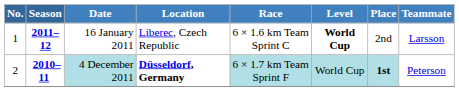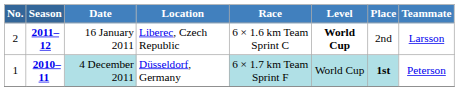 <table class="wikitable sortable" style="font-size:95%; text-align:center; border:grey solid 1px; border-collapse:collapse; background:#ffffff;">
 <tr style="background:#efefef;">
 <th style="background-color:#369; color:white;">No.</th>
 <th style="background-color:#369; color:white;">Season</th>
 <th style="background-color:#4180be; color:white; width:120px;">Date</th>
 <th style="background-color:#4180be; color:white; width:170px;">Location</th>
 <th style="background-color:#4180be; color:white; width:170px;">Race</th>
 <th style="background-color:#4180be; color:white; width:100px;">Level</th>
 <th style="background-color:#4180be; color:white;">Place</th>
 <th style="background-color:#4180be; color:white;">Teammate</th>
 </tr>
 <tr>
-<td align=center>1</td>
+<td align=center>2</td>
 <td rowspan=1 align=center><strong><a href='#'>2011–12</a></strong></td>
 <td align=right>16 January 2011</td>
 <td align=left> <a href='#'>Liberec</a>, Czech Republic</td>
 <td>6 × 1.6 km Team Sprint C</td>
 <td><strong>World Cup</strong></td>
 <td>2nd</td>
 <td><a href='#'>Larsson</a></td>
 </tr>
 <tr>
-<td align=center>2</td>
+<td align=center>1</td>
 <td rowspan=1 align=center><strong> <a href='#'>2010–11</a> </strong></td>
 <td bgcolor="#BOEOE6" align=right>4 December 2011</td>
-<td align=left><strong> <a href='#'>Düsseldorf</a>, Germany</strong></td>
+<td align=left> <a href='#'>Düsseldorf</a>, Germany</td>
 <td bgcolor="#BOEOE6">6 × 1.7 km Team Sprint F</td>
 <td bgcolor="#BOEOE6">World Cup</td>
 <td bgcolor="#BOEOE6"><strong>1st</strong></td>
 <td><a href='#'>Peterson</a></td>
 </tr>
 <tr>
 </tr>
 </table>
